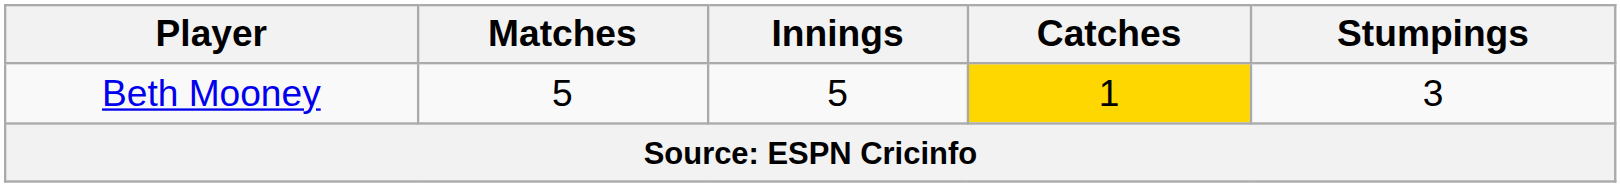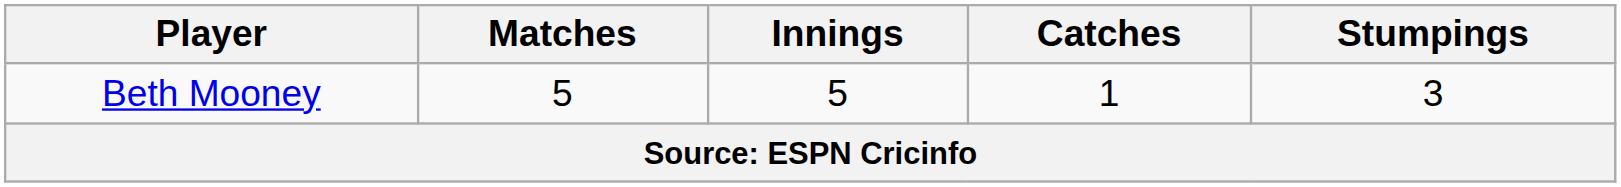 <table class="wikitable" style="text-align:center; width:55%;">
 <tr>
 <th>Player</th>
 <th>Matches</th>
 <th>Innings</th>
 <th>Catches</th>
 <th>Stumpings</th>
 </tr>
 <tr>
 <td><a href='#'>Beth Mooney</a></td>
 <td>5</td>
 <td>5</td>
-<td style="background: gold;">1</td>
+<td>1</td>
 <td>3</td>
 </tr>
 <tr>
 <th colspan="5"><small>Source: ESPN Cricinfo </small></th>
 </tr>
 </table>
